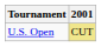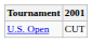 <table class="wikitable" style="font-size:95%;">
 <tr>
 <th>Tournament</th>
 <th>2001</th>
 </tr>
 <tr>
 <td><a href='#'>U.S. Open</a></td>
-<td style="background: khaki; text-align:center;">CUT</td>
+<td style="text-align:center;">CUT</td>
 </tr>
 </table>
